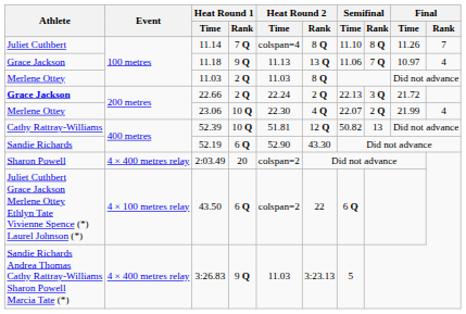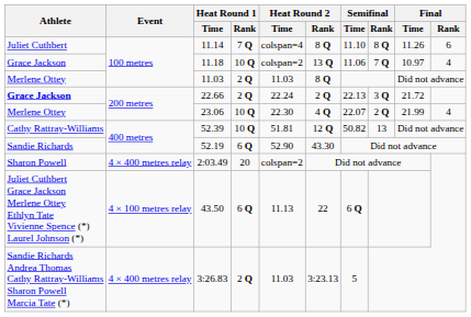 <table class=wikitable style="font-size:90%; text-align:center">
 <tr>
 <th rowspan=2>Athlete</th>
 <th rowspan=2>Event</th>
 <th colspan=2>Heat Round 1</th>
 <th colspan=2>Heat Round 2</th>
 <th colspan=2>Semifinal</th>
 <th colspan=2>Final</th>
 </tr>
 <tr style=font-size:95%>
 <th>Time</th>
 <th>Rank</th>
 <th>Time</th>
 <th>Rank</th>
 <th>Time</th>
 <th>Rank</th>
 <th>Time</th>
 <th>Rank</th>
 </tr>
 <tr align=center>
 <td align=left><a href='#'>Juliet Cuthbert</a></td>
 <td align=left rowspan=3><a href='#'>100 metres</a></td>
 <td>11.14</td>
 <td>7 <strong>Q</strong></td>
 <td>colspan=4</td>
 <td>8 <strong>Q</strong></td>
 <td>11.10</td>
 <td>8 <strong>Q</strong></td>
 <td>11.26</td>
-<td>7</td>
+<td>6</td>
 </tr>
 <tr align=center>
 <td align=left><a href='#'>Grace Jackson</a></td>
 <td>11.18</td>
-<td>9 <strong>Q</strong></td>
-<td>11.13</td>
+<td>10 <strong>Q</strong></td>
+<td>colspan=2</td>
 <td>13 <strong>Q</strong></td>
 <td>11.06</td>
 <td>7 <strong>Q</strong></td>
 <td>10.97</td>
 <td>4</td>
 </tr>
 <tr align=center>
 <td align=left><a href='#'>Merlene Ottey</a></td>
 <td>11.03</td>
 <td>2 <strong>Q</strong></td>
 <td>11.03</td>
 <td>8 <strong>Q</strong></td>
 <td colspan=2></td>
 <td colspan=2>Did not advance</td>
 </tr>
 <tr align=center>
 <td align=left><strong><a href='#'>Grace Jackson</a></strong></td>
 <td align=left rowspan=2><a href='#'>200 metres</a></td>
 <td>22.66</td>
 <td>2 <strong>Q</strong></td>
 <td>22.24</td>
 <td>2 <strong>Q</strong></td>
 <td>22.13</td>
 <td>3 <strong>Q</strong></td>
 <td>21.72</td>
 <td></td>
 </tr>
 <tr align=center>
 <td align=left><a href='#'>Merlene Ottey</a></td>
 <td>23.06</td>
 <td>10 <strong>Q</strong></td>
 <td>22.30</td>
 <td>4 <strong>Q</strong></td>
 <td>22.07</td>
 <td>2 <strong>Q</strong></td>
 <td>21.99</td>
 <td>4</td>
 </tr>
 <tr align=center>
 <td align=left><a href='#'>Cathy Rattray-Williams</a></td>
 <td align=left rowspan=2><a href='#'>400 metres</a></td>
 <td>52.39</td>
 <td>10 <strong>Q</strong></td>
 <td>51.81</td>
 <td>12 <strong>Q</strong></td>
 <td>50.82</td>
 <td>13</td>
 <td colspan=2>Did not advance</td>
 </tr>
 <tr align=center>
 <td align=left><a href='#'>Sandie Richards</a></td>
 <td>52.19</td>
 <td>6 <strong>Q</strong></td>
 <td>52.90</td>
 <td>43.30</td>
 <td colspan=4>Did not advance</td>
 </tr>
 <tr align=center>
 <td align=left><a href='#'>Sharon Powell</a></td>
 <td align=left><a href='#'>4 × 400 metres relay</a></td>
 <td>2:03.49</td>
 <td>20</td>
 <td>colspan=2</td>
 <td colspan=4>Did not advance</td>
 </tr>
 <tr align=center>
 <td align=left><a href='#'>Juliet Cuthbert</a><br><a href='#'>Grace Jackson</a><br><a href='#'>Merlene Ottey</a><br><a href='#'>Ethlyn Tate</a><br><a href='#'>Vivienne Spence</a> (*)<br><a href='#'>Laurel Johnson</a> (*)</td>
 <td align=left><a href='#'>4 × 100 metres relay</a></td>
 <td>43.50</td>
 <td>6 <strong>Q</strong></td>
-<td>colspan=2</td>
+<td>11.13</td>
 <td>22</td>
 <td>6 <strong>Q</strong></td>
 <td colspan=2></td>
 </tr>
 <tr align=center>
 <td align=left><a href='#'>Sandie Richards</a><br><a href='#'>Andrea Thomas</a><br><a href='#'>Cathy Rattray-Williams</a><br><a href='#'>Sharon Powell</a><br><a href='#'>Marcia Tate</a> (*)</td>
 <td align=left><a href='#'>4 × 400 metres relay</a></td>
 <td>3:26.83</td>
-<td>9 <strong>Q</strong></td>
+<td>2 <strong>Q</strong></td>
 <td>11.03</td>
 <td>3:23.13</td>
 <td>5</td>
 </tr>
 </table>
